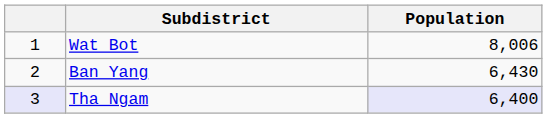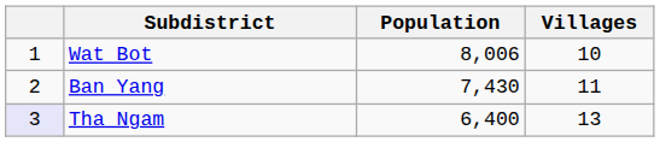 <table class="wikitable" style="width:48%; display:inline-table;">
 <tr>
 <th scope="col" style="width:9%;"> </th>
 <th scope="col" style="width:45%;">Subdistrict</th>
 <th scope="col" style="width:26%;">Population</th>
+<th scope="col" style="width:20%;">Villages</th>
 </tr>
 <tr>
 <td style="text-align:center;">1</td>
 <td><a href='#'>Wat Bot</a></td>
 <td style="text-align:right;">8,006</td>
+<td style="text-align:center;">10</td>
 </tr>
 <tr>
 <td style="text-align:center;">2</td>
 <td><a href='#'>Ban Yang</a></td>
-<td style="text-align:right;">6,430</td>
+<td style="text-align:right;">7,430</td>
+<td style="text-align:center;">11</td>
 </tr>
 <tr>
 <td style="background: lavender; text-align:center;">3</td>
 <td><a href='#'>Tha Ngam</a></td>
-<td style="background: lavender; text-align:right;">6,400</td>
+<td style="text-align:right;">6,400</td>
+<td style="text-align:center;">13</td>
 </tr>
 </table>
